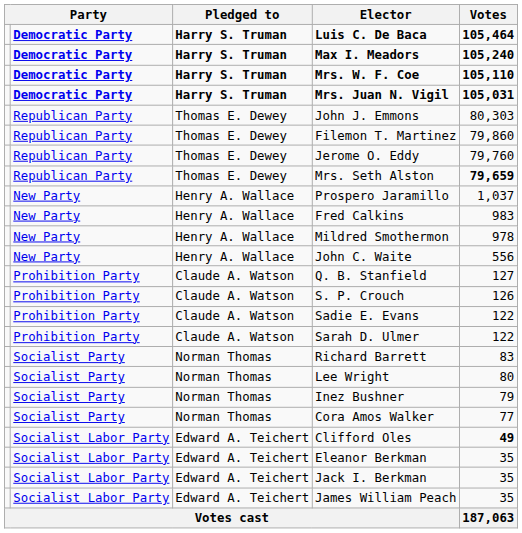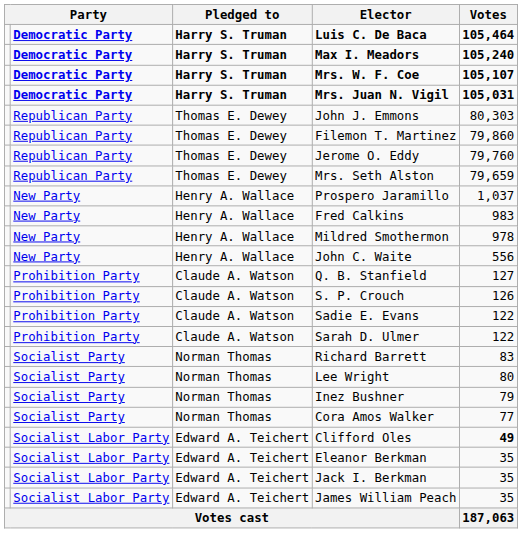 <table class="wikitable">
 <tr>
 <th colspan=2>Party</th>
 <th>Pledged to</th>
 <th>Elector</th>
 <th>Votes</th>
 </tr>
 <tr style="font-weight:bold">
 <td bgcolor=></td>
 <td><a href='#'>Democratic Party</a></td>
 <td>Harry S. Truman</td>
 <td>Luis C. De Baca</td>
 <td align=right>105,464</td>
 </tr>
 <tr style="font-weight:bold">
 <td bgcolor=></td>
 <td><a href='#'>Democratic Party</a></td>
 <td>Harry S. Truman</td>
 <td>Max I. Meadors</td>
 <td align=right>105,240</td>
 </tr>
 <tr style="font-weight:bold">
 <td bgcolor=></td>
 <td><a href='#'>Democratic Party</a></td>
 <td>Harry S. Truman</td>
 <td>Mrs. W. F. Coe</td>
-<td align=right>105,110</td>
+<td align=right>105,107</td>
 </tr>
 <tr style="font-weight:bold">
 <td bgcolor=></td>
 <td><a href='#'>Democratic Party</a></td>
 <td>Harry S. Truman</td>
 <td>Mrs. Juan N. Vigil</td>
 <td align=right>105,031</td>
 </tr>
 <tr>
 <td></td>
 <td><a href='#'>Republican Party</a></td>
 <td>Thomas E. Dewey</td>
 <td>John J. Emmons</td>
 <td align="right">80,303</td>
 </tr>
 <tr>
 <td></td>
 <td><a href='#'>Republican Party</a></td>
 <td>Thomas E. Dewey</td>
 <td>Filemon T. Martinez</td>
 <td align="right">79,860</td>
 </tr>
 <tr>
 <td></td>
 <td><a href='#'>Republican Party</a></td>
 <td>Thomas E. Dewey</td>
 <td>Jerome O. Eddy</td>
 <td align="right">79,760</td>
 </tr>
 <tr>
 <td></td>
 <td><a href='#'>Republican Party</a></td>
 <td>Thomas E. Dewey</td>
 <td>Mrs. Seth Alston</td>
-<td align="right"><strong>79,659</strong></td>
+<td align="right">79,659</td>
 </tr>
 <tr>
 <td bgcolor=></td>
 <td><a href='#'>New Party</a></td>
 <td>Henry A. Wallace</td>
 <td>Prospero Jaramillo</td>
 <td align="right">1,037</td>
 </tr>
 <tr>
 <td bgcolor=></td>
 <td><a href='#'>New Party</a></td>
 <td>Henry A. Wallace</td>
 <td>Fred Calkins</td>
 <td align="right">983</td>
 </tr>
 <tr>
 <td bgcolor=></td>
 <td><a href='#'>New Party</a></td>
 <td>Henry A. Wallace</td>
 <td>Mildred Smothermon</td>
 <td align="right">978</td>
 </tr>
 <tr>
 <td bgcolor=></td>
 <td><a href='#'>New Party</a></td>
 <td>Henry A. Wallace</td>
 <td>John C. Waite</td>
 <td align="right">556</td>
 </tr>
 <tr>
 <td bgcolor=></td>
 <td><a href='#'>Prohibition Party</a></td>
 <td>Claude A. Watson</td>
 <td>Q. B. Stanfield</td>
 <td align="right">127</td>
 </tr>
 <tr>
 <td bgcolor=></td>
 <td><a href='#'>Prohibition Party</a></td>
 <td>Claude A. Watson</td>
 <td>S. P. Crouch</td>
 <td align="right">126</td>
 </tr>
 <tr>
 <td bgcolor=></td>
 <td><a href='#'>Prohibition Party</a></td>
 <td>Claude A. Watson</td>
 <td>Sadie E. Evans</td>
 <td align="right">122</td>
 </tr>
 <tr>
 <td bgcolor=></td>
 <td><a href='#'>Prohibition Party</a></td>
 <td>Claude A. Watson</td>
 <td>Sarah D. Ulmer</td>
 <td align="right">122</td>
 </tr>
 <tr>
 <td bgcolor=></td>
 <td><a href='#'>Socialist Party</a></td>
 <td>Norman Thomas</td>
 <td>Richard Barrett</td>
 <td align="right">83</td>
 </tr>
 <tr>
 <td bgcolor=></td>
 <td><a href='#'>Socialist Party</a></td>
 <td>Norman Thomas</td>
 <td>Lee Wright</td>
 <td align="right">80</td>
 </tr>
 <tr>
 <td bgcolor=></td>
 <td><a href='#'>Socialist Party</a></td>
 <td>Norman Thomas</td>
 <td>Inez Bushner</td>
 <td align="right">79</td>
 </tr>
 <tr>
 <td bgcolor=></td>
 <td><a href='#'>Socialist Party</a></td>
 <td>Norman Thomas</td>
 <td>Cora Amos Walker</td>
 <td align="right">77</td>
 </tr>
 <tr>
 <td bgcolor=></td>
 <td><a href='#'>Socialist Labor Party</a></td>
 <td>Edward A. Teichert</td>
 <td>Clifford Oles</td>
 <td align="right"><strong>49</strong></td>
 </tr>
 <tr>
 <td bgcolor=></td>
 <td><a href='#'>Socialist Labor Party</a></td>
 <td>Edward A. Teichert</td>
 <td>Eleanor Berkman</td>
 <td align="right">35</td>
 </tr>
 <tr>
 <td bgcolor=></td>
 <td><a href='#'>Socialist Labor Party</a></td>
 <td>Edward A. Teichert</td>
 <td>Jack I. Berkman</td>
 <td align="right">35</td>
 </tr>
 <tr>
 <td bgcolor=></td>
 <td><a href='#'>Socialist Labor Party</a></td>
 <td>Edward A. Teichert</td>
 <td>James William Peach</td>
 <td align="right">35</td>
 </tr>
 <tr>
 <th colspan="4">Votes cast</th>
 <th>187,063</th>
 </tr>
 </table>
